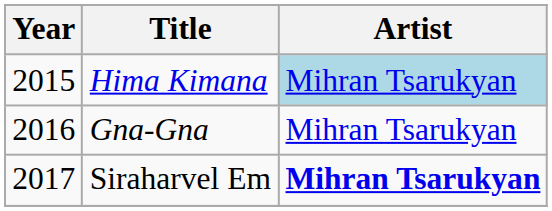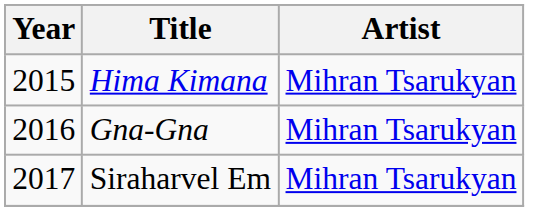 <table class="wikitable sortable">
 <tr>
 <th scope="col">Year</th>
 <th scope="col">Title</th>
 <th scope="col">Artist</th>
 </tr>
 <tr>
 <td align="center">2015</td>
 <td scope="col"><em><a href='#'>Hima Kimana</a></em></td>
-<td style="background: lightblue;"><a href='#'>Mihran Tsarukyan</a></td>
+<td><a href='#'>Mihran Tsarukyan</a></td>
 </tr>
 <tr>
 <td align="center">2016</td>
 <td scope="col"><em>Gna-Gna</em></td>
 <td><a href='#'>Mihran Tsarukyan</a></td>
 </tr>
 <tr>
 <td align="center">2017</td>
 <td scope="col">Siraharvel Em</td>
-<td><strong><a href='#'>Mihran Tsarukyan</a></strong></td>
+<td><a href='#'>Mihran Tsarukyan</a></td>
 </tr>
 <tr>
 </tr>
 </table>
